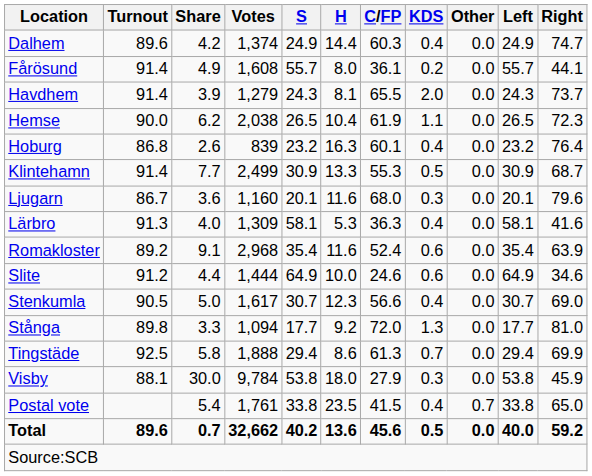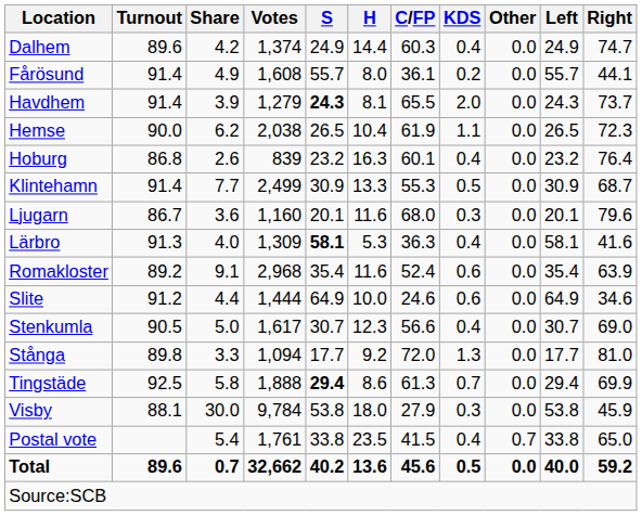 <table class="wikitable sortable" style=text-align:right>
 <tr>
 <th>Location</th>
 <th>Turnout</th>
 <th>Share</th>
 <th>Votes</th>
 <th><a href='#'>S</a></th>
 <th><a href='#'>H</a></th>
 <th><a href='#'>C</a>/<a href='#'>FP</a></th>
 <th><a href='#'>KDS</a></th>
 <th>Other</th>
 <th>Left</th>
 <th>Right</th>
 </tr>
 <tr>
 <td align=left><a href='#'>Dalhem</a></td>
 <td>89.6</td>
 <td>4.2</td>
 <td>1,374</td>
 <td>24.9</td>
 <td>14.4</td>
 <td>60.3</td>
 <td>0.4</td>
 <td>0.0</td>
 <td>24.9</td>
 <td>74.7</td>
 </tr>
 <tr>
 <td align=left><a href='#'>Fårösund</a></td>
 <td>91.4</td>
 <td>4.9</td>
 <td>1,608</td>
 <td>55.7</td>
 <td>8.0</td>
 <td>36.1</td>
 <td>0.2</td>
 <td>0.0</td>
 <td>55.7</td>
 <td>44.1</td>
 </tr>
 <tr>
 <td align=left><a href='#'>Havdhem</a></td>
 <td>91.4</td>
 <td>3.9</td>
 <td>1,279</td>
-<td>24.3</td>
+<td><strong>24.3</strong></td>
 <td>8.1</td>
 <td>65.5</td>
 <td>2.0</td>
 <td>0.0</td>
 <td>24.3</td>
 <td>73.7</td>
 </tr>
 <tr>
 <td align=left><a href='#'>Hemse</a></td>
 <td>90.0</td>
 <td>6.2</td>
 <td>2,038</td>
 <td>26.5</td>
 <td>10.4</td>
 <td>61.9</td>
 <td>1.1</td>
 <td>0.0</td>
 <td>26.5</td>
 <td>72.3</td>
 </tr>
 <tr>
 <td align=left><a href='#'>Hoburg</a></td>
 <td>86.8</td>
 <td>2.6</td>
 <td>839</td>
 <td>23.2</td>
 <td>16.3</td>
 <td>60.1</td>
 <td>0.4</td>
 <td>0.0</td>
 <td>23.2</td>
 <td>76.4</td>
 </tr>
 <tr>
 <td align=left><a href='#'>Klintehamn</a></td>
 <td>91.4</td>
 <td>7.7</td>
 <td>2,499</td>
 <td>30.9</td>
 <td>13.3</td>
 <td>55.3</td>
 <td>0.5</td>
 <td>0.0</td>
 <td>30.9</td>
 <td>68.7</td>
 </tr>
 <tr>
 <td align=left><a href='#'>Ljugarn</a></td>
 <td>86.7</td>
 <td>3.6</td>
 <td>1,160</td>
 <td>20.1</td>
 <td>11.6</td>
 <td>68.0</td>
 <td>0.3</td>
 <td>0.0</td>
 <td>20.1</td>
 <td>79.6</td>
 </tr>
 <tr>
 <td align=left><a href='#'>Lärbro</a></td>
 <td>91.3</td>
 <td>4.0</td>
 <td>1,309</td>
-<td>58.1</td>
+<td><strong>58.1</strong></td>
 <td>5.3</td>
 <td>36.3</td>
 <td>0.4</td>
 <td>0.0</td>
 <td>58.1</td>
 <td>41.6</td>
 </tr>
 <tr>
 <td align=left><a href='#'>Romakloster</a></td>
 <td>89.2</td>
 <td>9.1</td>
 <td>2,968</td>
 <td>35.4</td>
 <td>11.6</td>
 <td>52.4</td>
 <td>0.6</td>
 <td>0.0</td>
 <td>35.4</td>
 <td>63.9</td>
 </tr>
 <tr>
 <td align=left><a href='#'>Slite</a></td>
 <td>91.2</td>
 <td>4.4</td>
 <td>1,444</td>
 <td>64.9</td>
 <td>10.0</td>
 <td>24.6</td>
 <td>0.6</td>
 <td>0.0</td>
 <td>64.9</td>
 <td>34.6</td>
 </tr>
 <tr>
 <td align=left><a href='#'>Stenkumla</a></td>
 <td>90.5</td>
 <td>5.0</td>
 <td>1,617</td>
 <td>30.7</td>
 <td>12.3</td>
 <td>56.6</td>
 <td>0.4</td>
 <td>0.0</td>
 <td>30.7</td>
 <td>69.0</td>
 </tr>
 <tr>
 <td align=left><a href='#'>Stånga</a></td>
 <td>89.8</td>
 <td>3.3</td>
 <td>1,094</td>
 <td>17.7</td>
 <td>9.2</td>
 <td>72.0</td>
 <td>1.3</td>
 <td>0.0</td>
 <td>17.7</td>
 <td>81.0</td>
 </tr>
 <tr>
 <td align=left><a href='#'>Tingstäde</a></td>
 <td>92.5</td>
 <td>5.8</td>
 <td>1,888</td>
-<td>29.4</td>
+<td><strong>29.4</strong></td>
 <td>8.6</td>
 <td>61.3</td>
 <td>0.7</td>
 <td>0.0</td>
 <td>29.4</td>
 <td>69.9</td>
 </tr>
 <tr>
 <td align=left><a href='#'>Visby</a></td>
 <td>88.1</td>
 <td>30.0</td>
 <td>9,784</td>
 <td>53.8</td>
 <td>18.0</td>
 <td>27.9</td>
 <td>0.3</td>
 <td>0.0</td>
 <td>53.8</td>
 <td>45.9</td>
 </tr>
 <tr>
 <td align=left><a href='#'>Postal vote</a></td>
 <td></td>
 <td>5.4</td>
 <td>1,761</td>
 <td>33.8</td>
 <td>23.5</td>
 <td>41.5</td>
 <td>0.4</td>
 <td>0.7</td>
 <td>33.8</td>
 <td>65.0</td>
 </tr>
 <tr>
 <td align=left><strong>Total</strong></td>
 <td><strong>89.6</strong></td>
 <td><strong>0.7</strong></td>
 <td><strong>32,662</strong></td>
 <td><strong>40.2</strong></td>
 <td><strong>13.6</strong></td>
 <td><strong>45.6</strong></td>
 <td><strong>0.5</strong></td>
 <td><strong>0.0</strong></td>
 <td><strong>40.0</strong></td>
 <td><strong>59.2</strong></td>
 </tr>
 <tr>
 <td align=left colspan=11>Source:SCB </td>
 </tr>
 </table>
